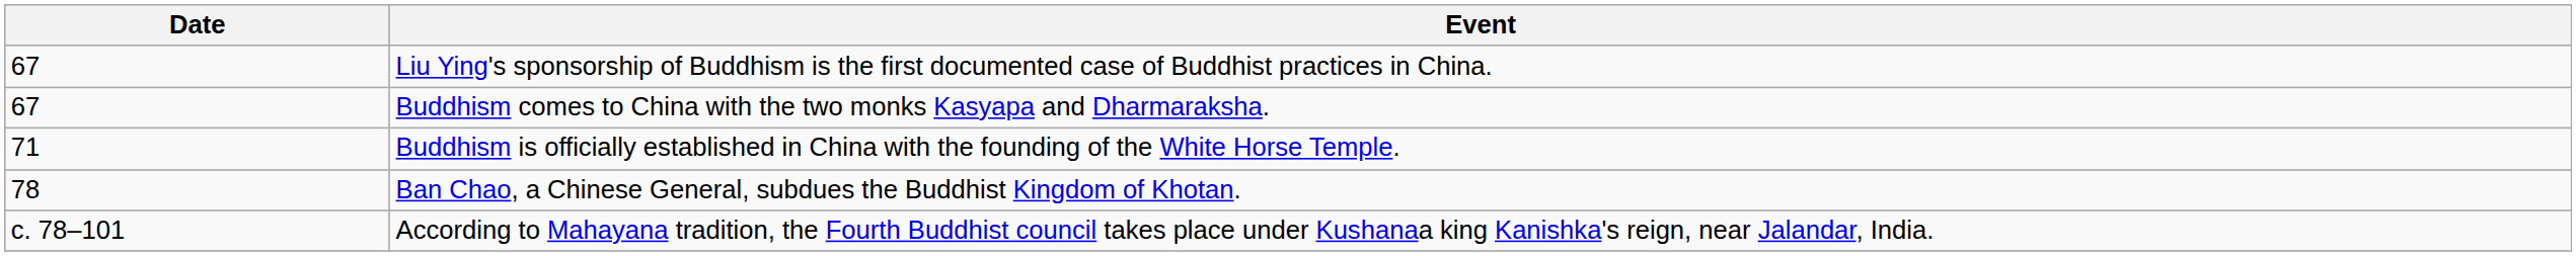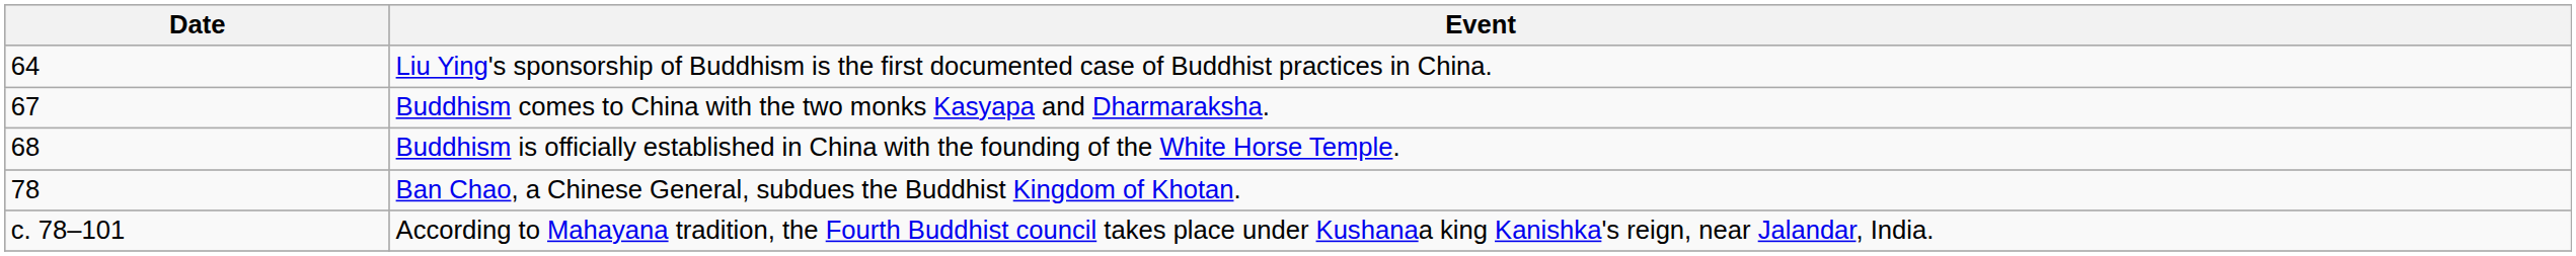 <table class="wikitable" width="100%">
 <tr>
 <th style="width:15%">Date</th>
 <th>Event</th>
 </tr>
 <tr>
-<td>67</td>
+<td>64</td>
 <td><a href='#'>Liu Ying</a>'s sponsorship of Buddhism is the first documented case of Buddhist practices in China.</td>
 </tr>
 <tr>
 <td>67</td>
 <td><a href='#'>Buddhism</a> comes to China with the two monks <a href='#'>Kasyapa</a> and <a href='#'>Dharmaraksha</a>.</td>
 </tr>
 <tr>
-<td>71</td>
+<td>68</td>
 <td><a href='#'>Buddhism</a> is officially established in China with the founding of the <a href='#'>White Horse Temple</a>.</td>
 </tr>
 <tr>
 <td>78</td>
 <td><a href='#'>Ban Chao</a>, a Chinese General, subdues the Buddhist <a href='#'>Kingdom of Khotan</a>.</td>
 </tr>
 <tr>
 <td>c. 78–101</td>
 <td>According to <a href='#'>Mahayana</a> tradition, the <a href='#'>Fourth Buddhist council</a> takes place under <a href='#'>Kushana</a>a king <a href='#'>Kanishka</a>'s reign, near <a href='#'>Jalandar</a>, India.</td>
 </tr>
 </table>
